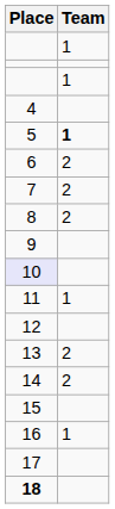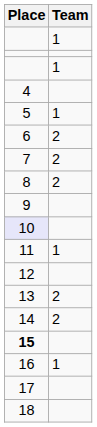 <table class="wikitable">
 <tr>
 <th>Place</th>
 <th>Team</th>
 </tr>
 <tr>
 <td align=center></td>
 <td> 1</td>
 </tr>
 <tr>
 <td align=center></td>
 <td></td>
 </tr>
 <tr>
 <td align=center></td>
 <td> 1</td>
 </tr>
 <tr>
 <td align=center>4</td>
 <td></td>
 </tr>
 <tr>
 <td align=center>5</td>
-<td><strong> 1</strong></td>
+<td> 1</td>
 </tr>
 <tr>
 <td align=center>6</td>
 <td> 2</td>
 </tr>
 <tr>
 <td align=center>7</td>
 <td> 2</td>
 </tr>
 <tr>
 <td align=center>8</td>
 <td> 2</td>
 </tr>
 <tr>
 <td align=center>9</td>
 <td></td>
 </tr>
 <tr>
 <td align=center style="background: lavender;">10</td>
 <td></td>
 </tr>
 <tr>
 <td align=center>11</td>
 <td> 1</td>
 </tr>
 <tr>
 <td align=center>12</td>
 <td></td>
 </tr>
 <tr>
 <td align=center>13</td>
 <td> 2</td>
 </tr>
 <tr>
 <td align=center>14</td>
 <td> 2</td>
 </tr>
 <tr>
-<td align=center>15</td>
+<td align=center><strong>15</strong></td>
 <td></td>
 </tr>
 <tr>
 <td align=center>16</td>
 <td> 1</td>
 </tr>
 <tr>
 <td align=center>17</td>
 <td></td>
 </tr>
 <tr>
-<td align=center><strong>18</strong></td>
+<td align=center>18</td>
 <td></td>
 </tr>
 </table>
